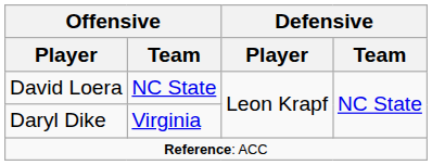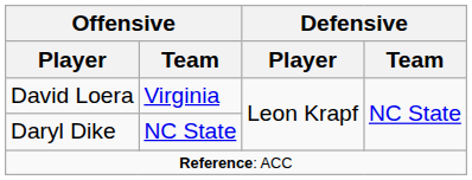 <table class="wikitable">
 <tr>
 <th colspan="2">Offensive</th>
 <th colspan="2">Defensive</th>
 </tr>
 <tr>
 <th>Player</th>
 <th>Team</th>
 <th>Player</th>
 <th>Team</th>
 </tr>
 <tr>
 <td>David Loera</td>
-<td><a href='#'>NC State</a></td>
+<td><a href='#'>Virginia</a></td>
 <td rowspan="2">Leon Krapf</td>
 <td rowspan="2"><a href='#'>NC State</a></td>
 </tr>
 <tr>
 <td>Daryl Dike</td>
-<td><a href='#'>Virginia</a></td>
+<td><a href='#'>NC State</a></td>
 </tr>
 <tr>
 <td colspan="12"  style="font-size:8pt; text-align:center;"><strong>Reference</strong>: ACC</td>
 </tr>
 </table>
